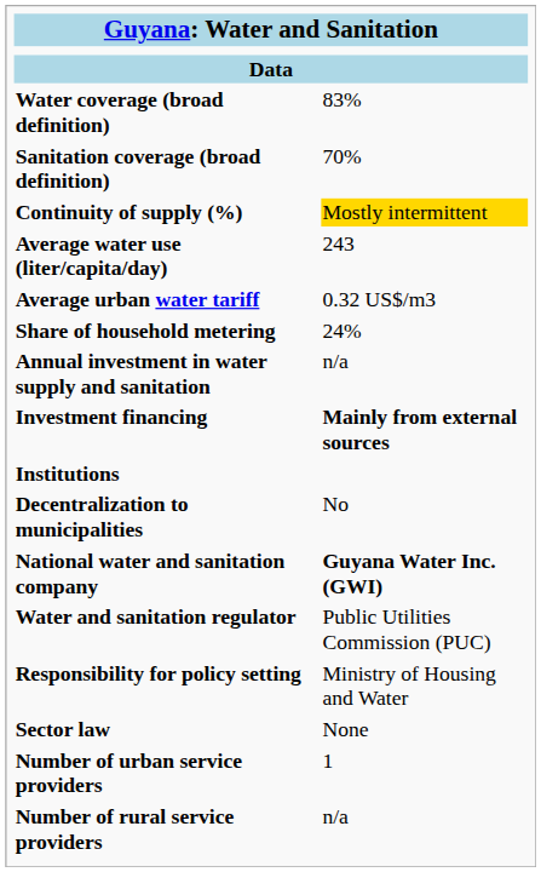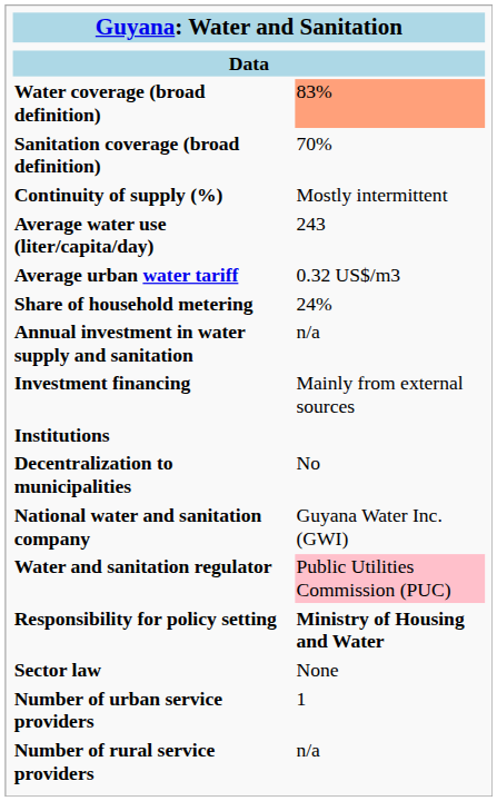 <table style="width: 25em; font-size: 90%; text-align: left;" class="infobox">
 <tr>
 <th align="center" bgcolor="lightblue" colspan="2"><big><a href='#'>Guyana</a>: Water and Sanitation</big></th>
 </tr>
 <tr>
 <td colspan="2" style="text-align:center"></td>
 </tr>
 <tr>
 <th align="center" bgcolor="lightblue" colspan="3">Data</th>
 </tr>
 <tr>
 <th align="left" valign="top">Water coverage (broad definition)</th>
-<td valign="top">83%</td>
+<td valign="top" style="background: lightsalmon;">83%</td>
 </tr>
 <tr>
 <th align="left" valign="top">Sanitation coverage (broad definition)</th>
 <td valign="top">70%</td>
 </tr>
 <tr>
 <th align="left" valign="top">Continuity of supply (%)</th>
-<td valign="top" style="background: gold;">Mostly intermittent</td>
+<td valign="top">Mostly intermittent</td>
 </tr>
 <tr>
 <th align="left" valign="top">Average water use (liter/capita/day)</th>
 <td valign="top">243</td>
 </tr>
 <tr>
 <th align="left" valign="top">Average urban <a href='#'>water tariff</a></th>
 <td valign="top">0.32 US$/m3</td>
 </tr>
 <tr>
 <th align="left" valign="top">Share of household metering</th>
 <td valign="top">24%</td>
 </tr>
 <tr>
 <th align="left" valign="top">Annual investment in water supply and sanitation</th>
 <td valign="top">n/a</td>
 </tr>
 <tr>
 <th align="left" valign="top">Investment financing</th>
-<td valign="top"><strong>Mainly from external sources</strong></td>
+<td valign="top">Mainly from external sources</td>
 </tr>
 <tr>
 <th align="left" valign="top">Institutions</th>
 </tr>
 <tr>
 <th align="left" valign="top">Decentralization to municipalities</th>
 <td valign="top">No</td>
 </tr>
 <tr>
 <th align="left" valign="top">National water and sanitation company</th>
-<td valign="top"><strong>Guyana Water Inc. (GWI)</strong></td>
+<td valign="top">Guyana Water Inc. (GWI)</td>
 </tr>
 <tr>
 <th align="left" valign="top">Water and sanitation regulator</th>
-<td valign="top">Public Utilities Commission (PUC)</td>
+<td valign="top" style="background: pink;">Public Utilities Commission (PUC)</td>
 </tr>
 <tr>
 <th align="left" valign="top">Responsibility for policy setting</th>
-<td valign="top">Ministry of Housing and Water</td>
+<td valign="top"><strong>Ministry of Housing and Water</strong></td>
 </tr>
 <tr>
 <th align="left" valign="top">Sector law</th>
 <td valign="top">None</td>
 </tr>
 <tr>
 <th align="left" valign="top">Number of urban service providers</th>
 <td valign="top">1</td>
 </tr>
 <tr>
 <th align="left" valign="top">Number of rural service providers</th>
 <td valign="top">n/a</td>
 </tr>
 <tr>
 </tr>
 </table>
